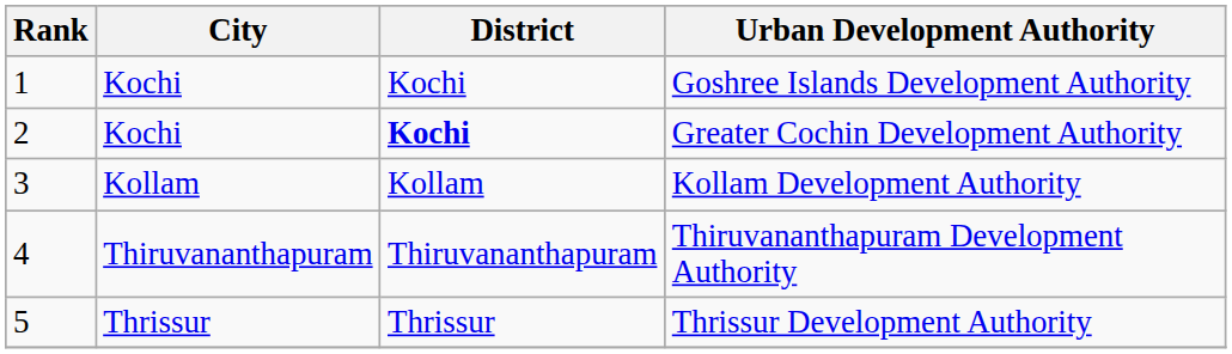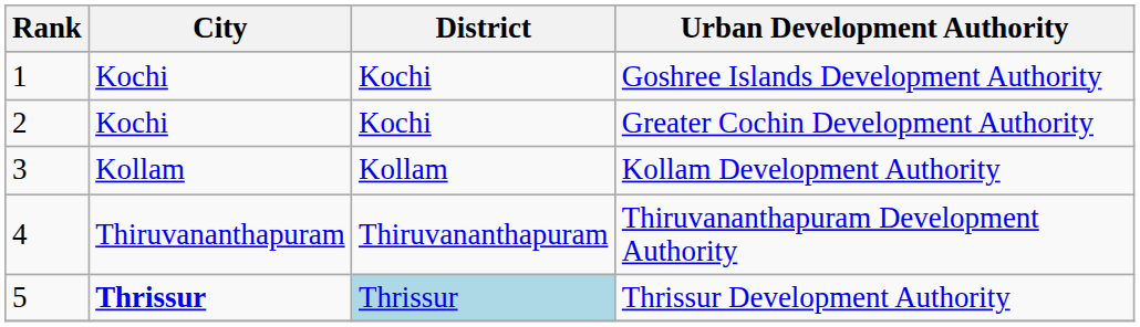 <table class="wikitable sortable">
 <tr>
 <th>Rank</th>
 <th>City</th>
 <th>District</th>
 <th>Urban Development Authority</th>
 </tr>
 <tr>
 <td>1</td>
 <td><a href='#'>Kochi</a></td>
 <td><a href='#'>Kochi</a></td>
 <td><a href='#'>Goshree Islands Development Authority</a></td>
 </tr>
 <tr>
 <td>2</td>
 <td><a href='#'>Kochi</a></td>
-<td><strong><a href='#'>Kochi</a></strong></td>
+<td><a href='#'>Kochi</a></td>
 <td><a href='#'>Greater Cochin Development Authority</a></td>
 </tr>
 <tr>
 <td>3</td>
 <td><a href='#'>Kollam</a></td>
 <td><a href='#'>Kollam</a></td>
 <td><a href='#'>Kollam Development Authority</a></td>
 </tr>
 <tr>
 <td>4</td>
 <td><a href='#'>Thiruvananthapuram</a></td>
 <td><a href='#'>Thiruvananthapuram</a></td>
 <td><a href='#'>Thiruvananthapuram Development Authority</a></td>
 </tr>
 <tr>
 <td>5</td>
-<td><a href='#'>Thrissur</a></td>
-<td><a href='#'>Thrissur</a></td>
+<td><strong><a href='#'>Thrissur</a></strong></td>
+<td style="background: lightblue;"><a href='#'>Thrissur</a></td>
 <td><a href='#'>Thrissur Development Authority</a></td>
 </tr>
 <tr>
 </tr>
 </table>
